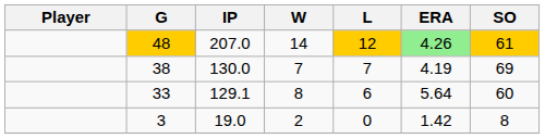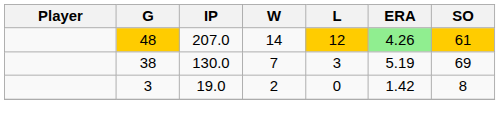 <table class="wikitable sortable">
 <tr>
 <th bgcolor="#DDDDFF" width="16%">Player</th>
 <th bgcolor="#DDDDFF" width="9%">G</th>
 <th bgcolor="#DDDDFF" width="9%">IP</th>
 <th bgcolor="#DDDDFF" width="9%">W</th>
 <th bgcolor="#DDDDFF" width="9%">L</th>
 <th bgcolor="#DDDDFF" width="9%">ERA</th>
 <th bgcolor="#DDDDFF" width="9%">SO</th>
 </tr>
 <tr align="center">
 <td></td>
 <td style="background:#fc0;">48</td>
 <td>207.0</td>
 <td>14</td>
 <td style="background:#fc0;">12</td>
 <td style="background: lightgreen;">4.26</td>
 <td style="background:#fc0;">61</td>
 </tr>
 <tr align="center">
 <td></td>
 <td>38</td>
 <td>130.0</td>
 <td>7</td>
-<td>7</td>
-<td>4.19</td>
+<td>3</td>
+<td>5.19</td>
 <td>69</td>
-</tr>
-<tr align="center">
-<td></td>
-<td>33</td>
-<td>129.1</td>
-<td>8</td>
-<td>6</td>
-<td>5.64</td>
-<td>60</td>
 </tr>
 <tr align="center">
 <td></td>
 <td>3</td>
 <td>19.0</td>
 <td>2</td>
 <td>0</td>
 <td>1.42</td>
 <td>8</td>
 </tr>
 <tr align="center">
 </tr>
 </table>
